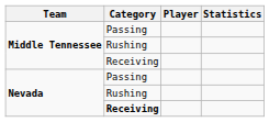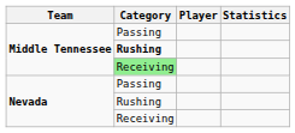 <table class="wikitable" style="float: right;">
 <tr>
 <th>Team</th>
 <th>Category</th>
 <th>Player</th>
 <th>Statistics</th>
 </tr>
 <tr>
 <td rowspan=3><strong>Middle Tennessee</strong></td>
 <td>Passing</td>
 <td></td>
 <td></td>
 </tr>
 <tr>
-<td>Rushing</td>
+<td><strong>Rushing</strong></td>
 <td></td>
 <td></td>
 </tr>
 <tr>
-<td>Receiving</td>
+<td style="background: lightgreen;">Receiving</td>
 <td></td>
 <td></td>
 </tr>
 <tr>
 <td rowspan=3><strong>Nevada</strong></td>
 <td>Passing</td>
 <td></td>
 <td></td>
 </tr>
 <tr>
 <td>Rushing</td>
 <td></td>
 <td></td>
 </tr>
 <tr>
-<td><strong>Receiving</strong></td>
+<td>Receiving</td>
 <td></td>
 <td></td>
 </tr>
 </table>
